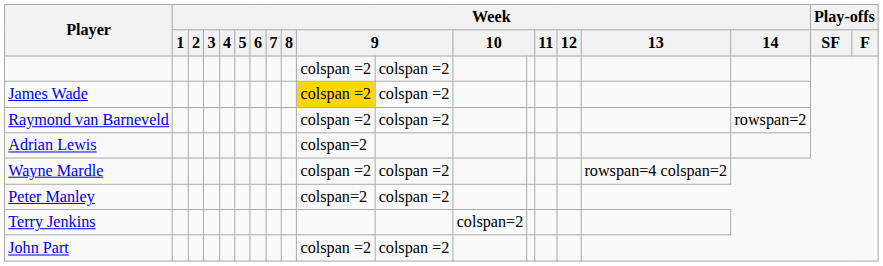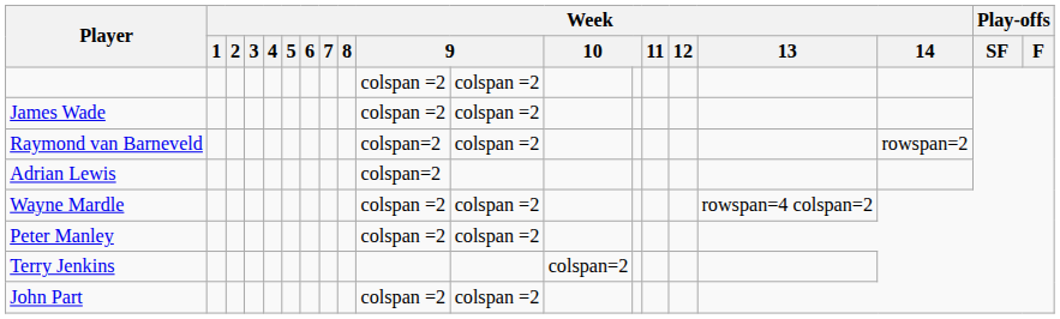 <table class="wikitable">
 <tr>
 <th rowspan=2>Player</th>
 <th colspan=16>Week</th>
 <th colspan=2>Play-offs</th>
 </tr>
 <tr>
 <th>1</th>
 <th>2</th>
 <th>3</th>
 <th>4</th>
 <th>5</th>
 <th>6</th>
 <th>7</th>
 <th>8</th>
 <th colspan =2>9</th>
 <th colspan =2>10</th>
 <th>11</th>
 <th>12</th>
 <th>13</th>
 <th>14</th>
 <th>SF</th>
 <th>F</th>
 </tr>
 <tr>
 <td> </td>
 <td></td>
 <td></td>
 <td></td>
 <td></td>
 <td></td>
 <td></td>
 <td></td>
 <td></td>
 <td>colspan =2 </td>
 <td>colspan =2 </td>
 <td></td>
 <td></td>
 <td></td>
 <td></td>
 <td></td>
 <td></td>
 </tr>
 <tr>
 <td> <a href='#'>James Wade</a></td>
 <td></td>
 <td></td>
 <td></td>
 <td></td>
 <td></td>
 <td></td>
 <td></td>
 <td></td>
-<td style="background: gold;">colspan =2 </td>
+<td>colspan =2 </td>
 <td>colspan =2 </td>
 <td></td>
 <td></td>
 <td></td>
 <td></td>
 <td></td>
 <td></td>
 </tr>
 <tr>
 <td> <a href='#'>Raymond van Barneveld</a></td>
 <td></td>
 <td></td>
 <td></td>
 <td></td>
 <td></td>
 <td></td>
 <td></td>
 <td></td>
-<td>colspan =2 </td>
+<td>colspan=2 </td>
 <td>colspan =2 </td>
 <td></td>
 <td></td>
 <td></td>
 <td></td>
 <td></td>
 <td>rowspan=2 </td>
 </tr>
 <tr>
 <td> <a href='#'>Adrian Lewis</a></td>
 <td></td>
 <td></td>
 <td></td>
 <td></td>
 <td></td>
 <td></td>
 <td></td>
 <td></td>
 <td>colspan=2 </td>
 <td></td>
 <td></td>
 <td></td>
 <td></td>
 <td></td>
 <td></td>
 <td></td>
 </tr>
 <tr>
 <td> <a href='#'>Wayne Mardle</a></td>
 <td></td>
 <td></td>
 <td></td>
 <td></td>
 <td></td>
 <td></td>
 <td></td>
 <td></td>
 <td>colspan =2 </td>
 <td>colspan =2 </td>
 <td></td>
 <td></td>
 <td></td>
 <td></td>
 <td>rowspan=4 colspan=2 </td>
 </tr>
 <tr>
 <td> <a href='#'>Peter Manley</a></td>
 <td></td>
 <td></td>
 <td></td>
 <td></td>
 <td></td>
 <td></td>
 <td></td>
 <td></td>
-<td>colspan=2 </td>
+<td>colspan =2 </td>
 <td>colspan =2 </td>
 <td></td>
 <td></td>
 <td></td>
 <td></td>
 </tr>
 <tr>
 <td> <a href='#'>Terry Jenkins</a></td>
 <td></td>
 <td></td>
 <td></td>
 <td></td>
 <td></td>
 <td></td>
 <td></td>
 <td></td>
 <td></td>
 <td></td>
 <td>colspan=2 </td>
 <td></td>
 <td></td>
 <td></td>
 <td></td>
 </tr>
 <tr>
 <td> <a href='#'>John Part</a></td>
 <td></td>
 <td></td>
 <td></td>
 <td></td>
 <td></td>
 <td></td>
 <td></td>
 <td></td>
 <td>colspan =2 </td>
 <td>colspan =2 </td>
 <td></td>
 <td></td>
 <td></td>
 <td></td>
 </tr>
 </table>
